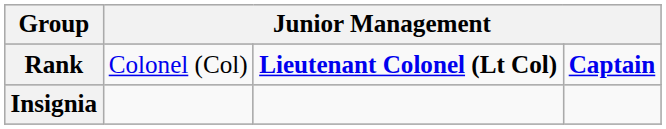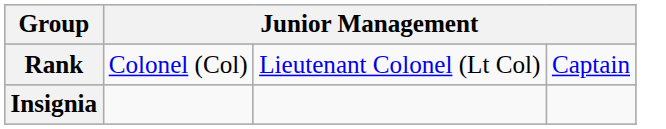 <table class="wikitable" style="text-align:center">
 <tr>
 <th>Group</th>
 <th colspan="4">Junior Management</th>
 </tr>
 <tr>
 <th>Rank</th>
 <td><a href='#'>Colonel</a> (Col)</td>
-<td><strong><a href='#'>Lieutenant Colonel</a> (Lt Col)</strong></td>
-<td><strong><a href='#'>Captain</a></strong></td>
+<td><a href='#'>Lieutenant Colonel</a> (Lt Col)</td>
+<td><a href='#'>Captain</a></td>
 </tr>
 <tr>
 <th>Insignia</th>
 <td></td>
 <td></td>
 <td></td>
 </tr>
 </table>
